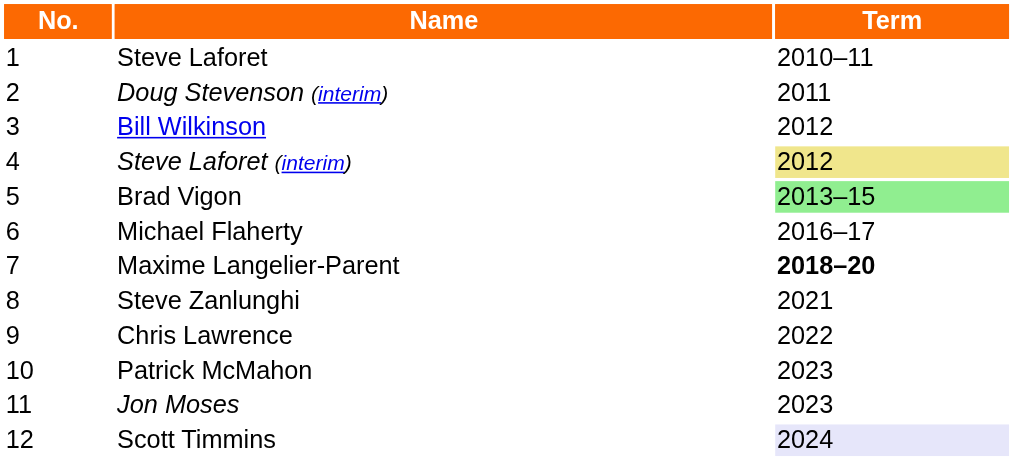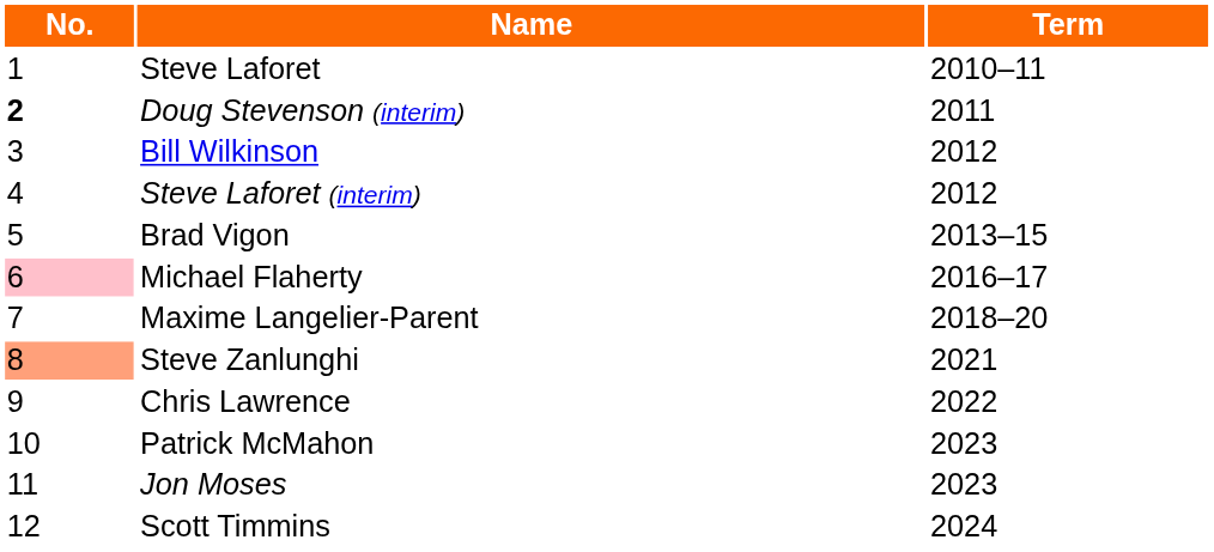 <table class="toccolours" style="width:40em">
 <tr>
 <th style="background:#fc6902;color:white;border:#fc6902 1px solid">No.</th>
 <th style="background:#fc6902;color:white;border:#fc6902 1px solid">Name</th>
 <th style="background:#fc6902;color:white;border:#fc6902 1px solid">Term</th>
 </tr>
 <tr>
 <td>1</td>
 <td> Steve Laforet</td>
 <td>2010–11</td>
 </tr>
 <tr>
-<td>2</td>
+<td><strong>2</strong></td>
 <td> <em>Doug Stevenson <small>(<a href='#'>interim</a>)</small></em></td>
 <td>2011</td>
 </tr>
 <tr>
 <td>3</td>
 <td> <a href='#'>Bill Wilkinson</a></td>
 <td>2012</td>
 </tr>
 <tr>
 <td>4</td>
 <td> <em>Steve Laforet <small>(<a href='#'>interim</a>)</small></em></td>
-<td style="background: khaki;">2012</td>
+<td>2012</td>
 </tr>
 <tr>
 <td>5</td>
 <td> Brad Vigon</td>
-<td style="background: lightgreen;">2013–15</td>
+<td>2013–15</td>
 </tr>
 <tr>
-<td>6</td>
+<td style="background: pink;">6</td>
 <td> Michael Flaherty</td>
 <td>2016–17</td>
 </tr>
 <tr>
 <td>7</td>
 <td> Maxime Langelier-Parent</td>
-<td><strong>2018–20</strong></td>
+<td>2018–20</td>
 </tr>
 <tr>
-<td>8</td>
+<td style="background: lightsalmon;">8</td>
 <td> Steve Zanlunghi</td>
 <td>2021</td>
 </tr>
 <tr>
 <td>9</td>
 <td> Chris Lawrence</td>
 <td>2022</td>
 </tr>
 <tr>
 <td>10</td>
 <td> Patrick McMahon</td>
 <td>2023</td>
 </tr>
 <tr>
 <td>11</td>
 <td> <em>Jon Moses</em> <em></td>
 <td>2023</td>
 </tr>
 <tr>
 <td>12</td>
 <td> Scott Timmins</td>
-<td style="background: lavender;">2024</td>
+<td>2024</td>
 </tr>
 <tr>
 </tr>
 </table>
